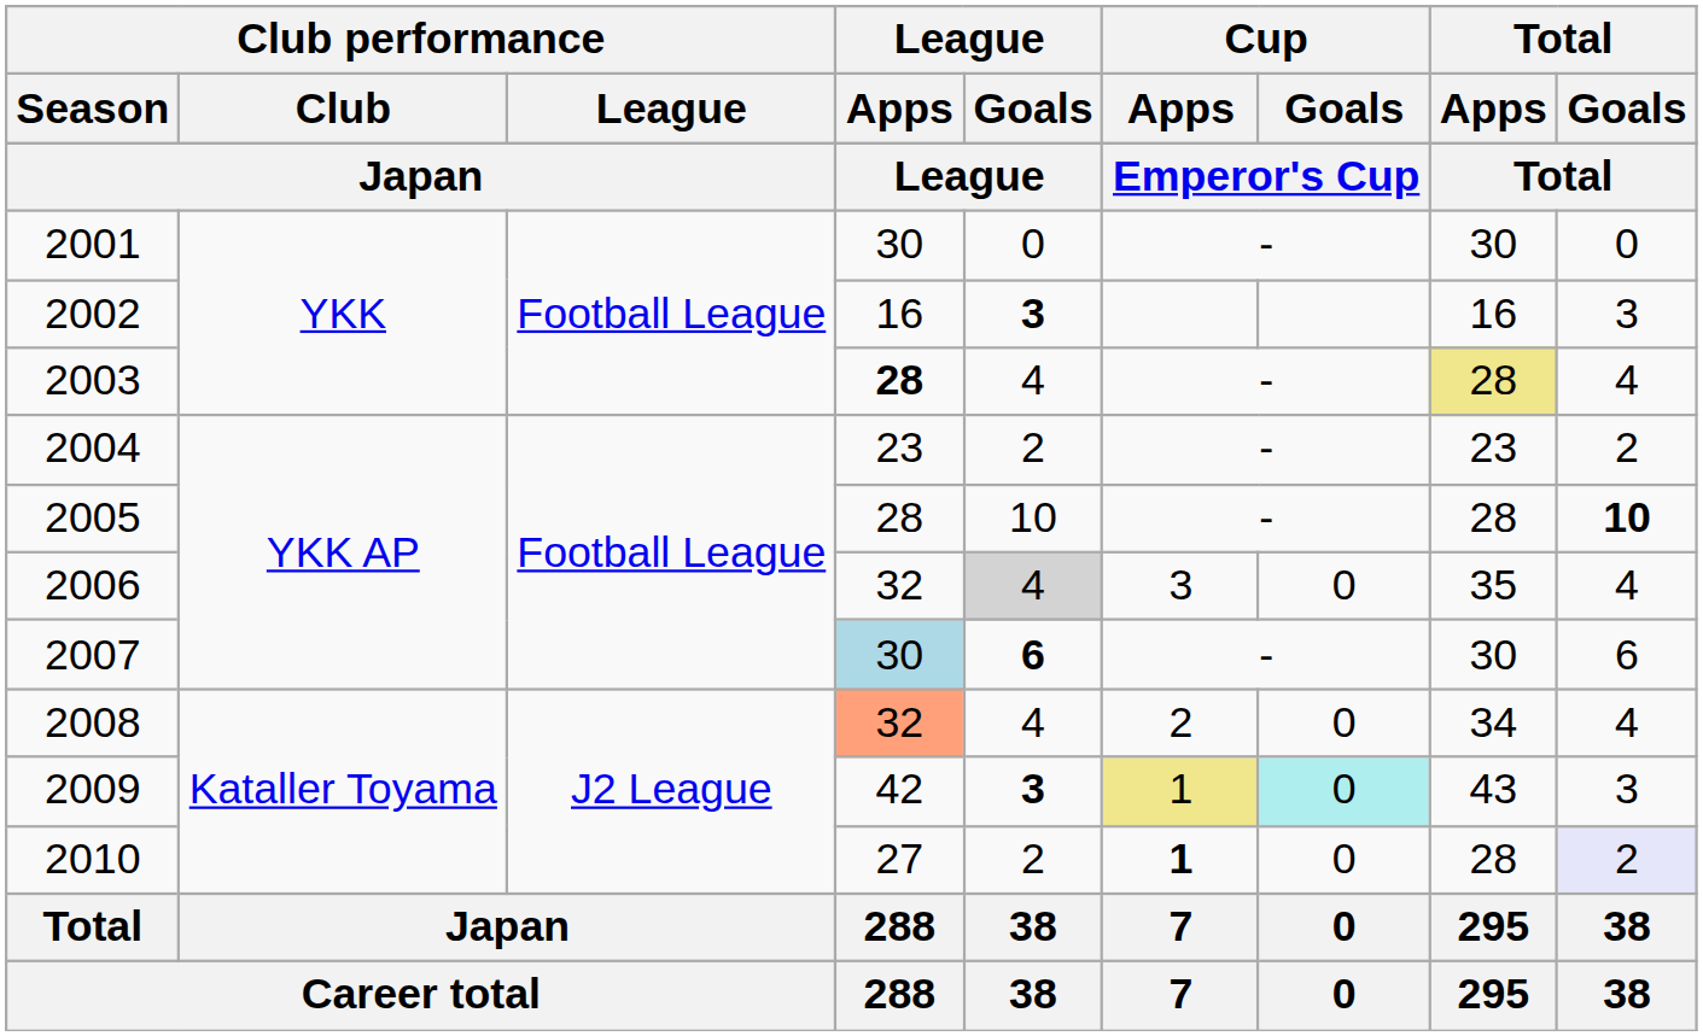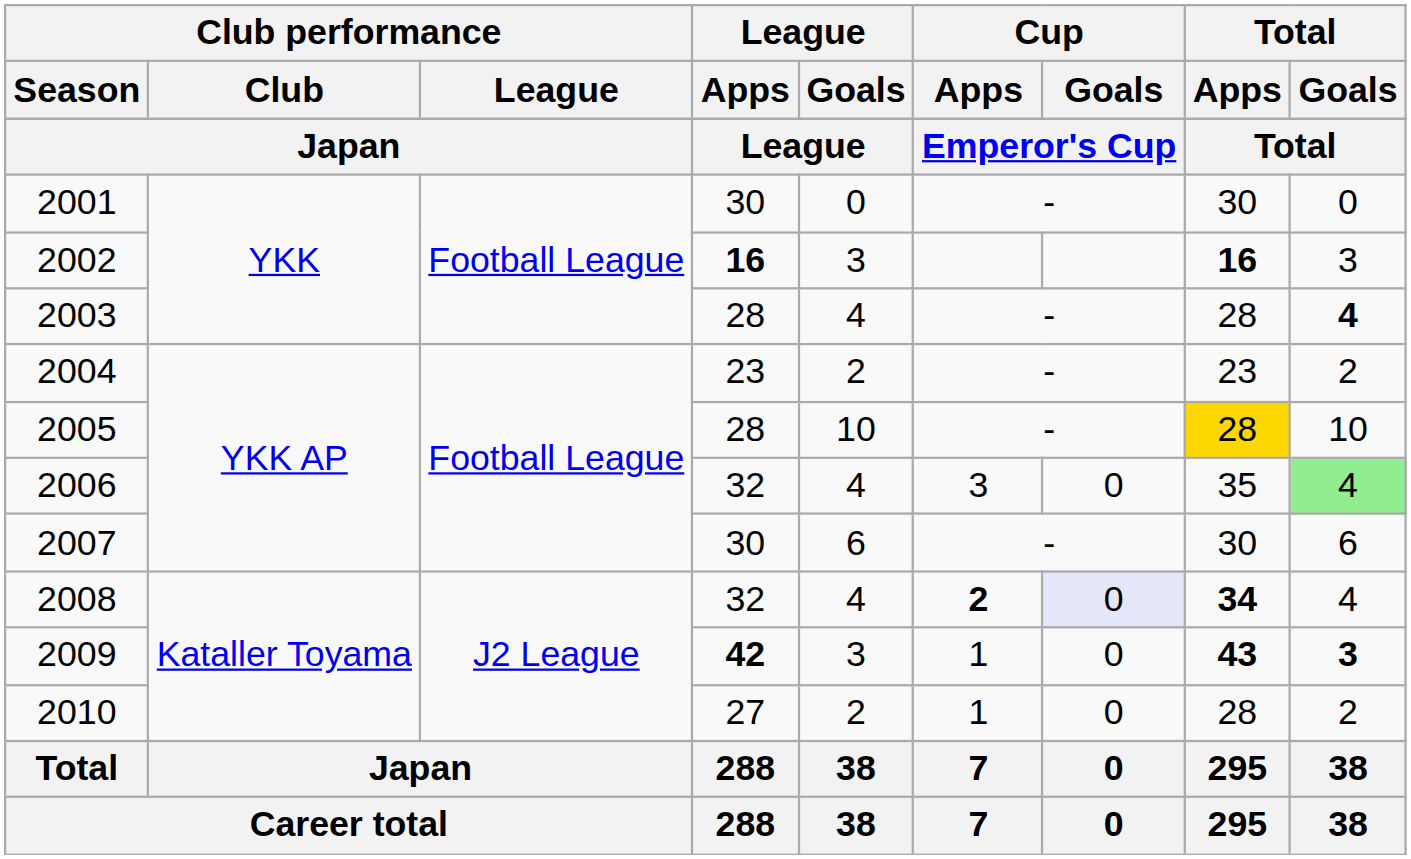 <table class="wikitable" style="text-align:center">
 <tr>
 <th colspan=3>Club performance</th>
 <th colspan=2>League</th>
 <th colspan=2>Cup</th>
 <th colspan=2>Total</th>
 </tr>
 <tr>
 <th>Season</th>
 <th>Club</th>
 <th>League</th>
 <th>Apps</th>
 <th>Goals</th>
 <th>Apps</th>
 <th>Goals</th>
 <th>Apps</th>
 <th>Goals</th>
 </tr>
 <tr>
 </tr>
 <tr>
 <th colspan=3>Japan</th>
 <th colspan=2>League</th>
 <th colspan=2><a href='#'>Emperor's Cup</a></th>
 <th colspan=2>Total</th>
 </tr>
 <tr>
 <td>2001</td>
 <td rowspan="3"><a href='#'>YKK</a></td>
 <td rowspan="3"><a href='#'>Football League</a></td>
 <td>30</td>
 <td>0</td>
 <td colspan="2">-</td>
 <td>30</td>
 <td>0</td>
 </tr>
 <tr>
 <td>2002</td>
-<td>16</td>
-<td><strong>3</strong></td>
+<td><strong>16</strong></td>
+<td>3</td>
 <td></td>
 <td></td>
-<td>16</td>
+<td><strong>16</strong></td>
 <td>3</td>
 </tr>
 <tr>
 <td>2003</td>
-<td><strong>28</strong></td>
+<td>28</td>
 <td>4</td>
 <td colspan="2">-</td>
-<td style="background: khaki;">28</td>
-<td>4</td>
+<td>28</td>
+<td><strong>4</strong></td>
 </tr>
 <tr>
 <td>2004</td>
 <td rowspan="4"><a href='#'>YKK AP</a></td>
 <td rowspan="4"><a href='#'>Football League</a></td>
 <td>23</td>
 <td>2</td>
 <td colspan="2">-</td>
 <td>23</td>
 <td>2</td>
 </tr>
 <tr>
 <td>2005</td>
 <td>28</td>
 <td>10</td>
 <td colspan="2">-</td>
-<td>28</td>
-<td><strong>10</strong></td>
+<td style="background: gold;">28</td>
+<td>10</td>
 </tr>
 <tr>
 <td>2006</td>
 <td>32</td>
-<td style="background: lightgrey;">4</td>
+<td>4</td>
 <td>3</td>
 <td>0</td>
 <td>35</td>
-<td>4</td>
+<td style="background: lightgreen;">4</td>
 </tr>
 <tr>
 <td>2007</td>
-<td style="background: lightblue;">30</td>
-<td><strong>6</strong></td>
+<td>30</td>
+<td>6</td>
 <td colspan="2">-</td>
 <td>30</td>
 <td>6</td>
 </tr>
 <tr>
 <td>2008</td>
 <td rowspan="3"><a href='#'>Kataller Toyama</a></td>
 <td rowspan="3"><a href='#'>J2 League</a></td>
-<td style="background: lightsalmon;">32</td>
+<td>32</td>
 <td>4</td>
-<td>2</td>
-<td>0</td>
-<td>34</td>
+<td><strong>2</strong></td>
+<td style="background: lavender;">0</td>
+<td><strong>34</strong></td>
 <td>4</td>
 </tr>
 <tr>
 <td>2009</td>
-<td>42</td>
+<td><strong>42</strong></td>
+<td>3</td>
+<td>1</td>
+<td>0</td>
+<td><strong>43</strong></td>
 <td><strong>3</strong></td>
-<td style="background: khaki;">1</td>
-<td style="background: paleturquoise;">0</td>
-<td>43</td>
-<td>3</td>
 </tr>
 <tr>
 <td>2010</td>
 <td>27</td>
 <td>2</td>
-<td><strong>1</strong></td>
+<td>1</td>
 <td>0</td>
 <td>28</td>
-<td style="background: lavender;">2</td>
+<td>2</td>
 </tr>
 <tr>
 <th rowspan=1>Total</th>
 <th colspan=2>Japan</th>
 <th>288</th>
 <th>38</th>
 <th>7</th>
 <th>0</th>
 <th>295</th>
 <th>38</th>
 </tr>
 <tr>
 <th colspan=3>Career total</th>
 <th>288</th>
 <th>38</th>
 <th>7</th>
 <th>0</th>
 <th>295</th>
 <th>38</th>
 </tr>
 </table>
